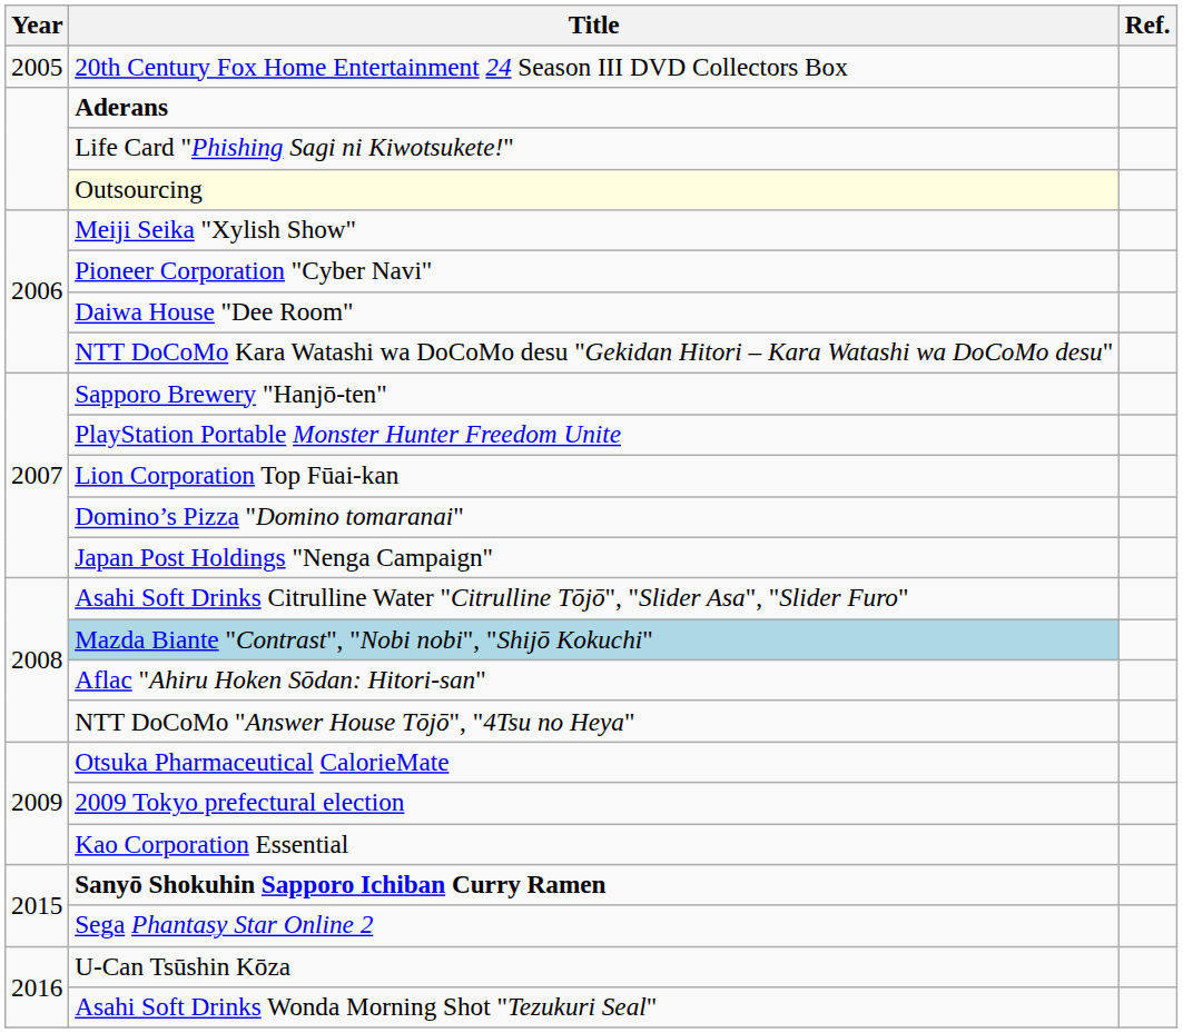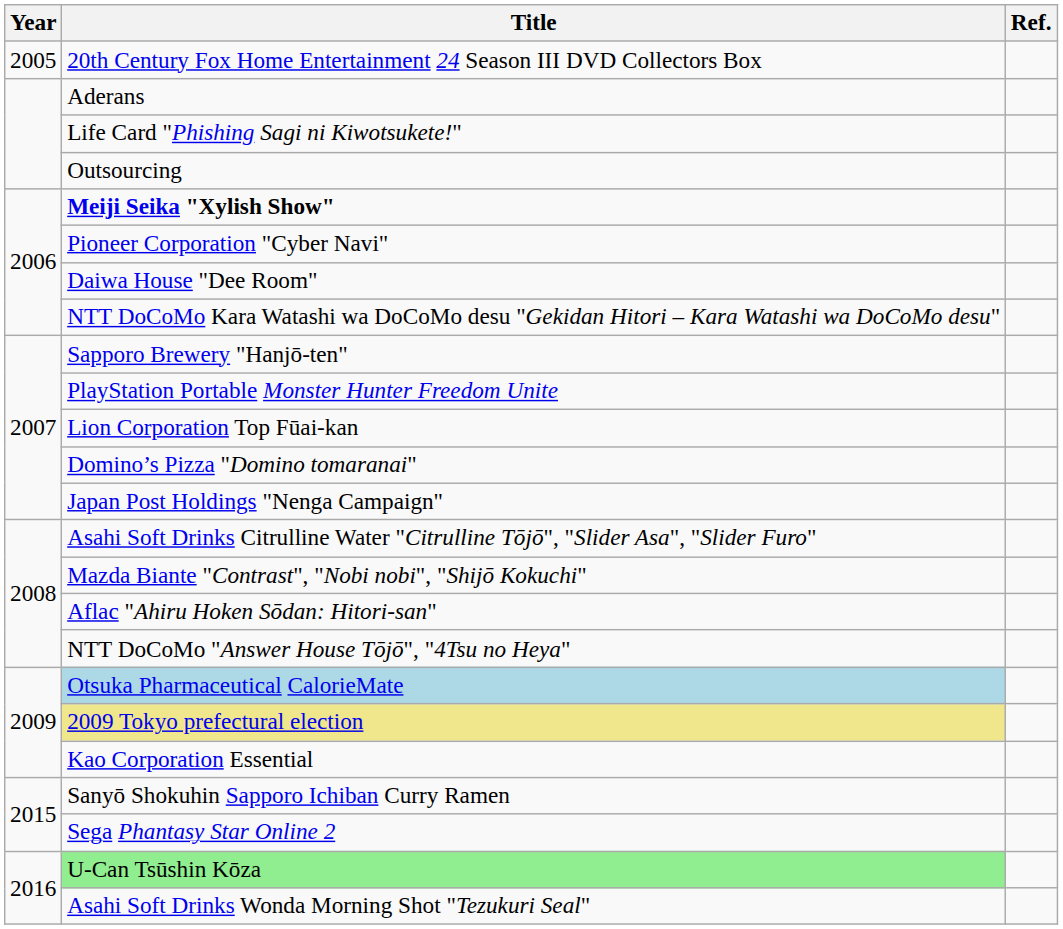 <table class="wikitable">
 <tr>
 <th>Year</th>
 <th>Title</th>
 <th>Ref.</th>
 </tr>
 <tr>
 <td>2005</td>
 <td><a href='#'>20th Century Fox Home Entertainment</a> <em><a href='#'>24</a></em> Season III DVD Collectors Box</td>
 <td></td>
 </tr>
 <tr>
 <td rowspan="3"></td>
-<td><strong>Aderans</strong></td>
+<td>Aderans</td>
 <td></td>
 </tr>
 <tr>
 <td>Life Card "<em><a href='#'>Phishing</a> Sagi ni Kiwotsukete!</em>"</td>
 <td></td>
 </tr>
 <tr>
-<td style="background: lightyellow;">Outsourcing</td>
+<td>Outsourcing</td>
 <td></td>
 </tr>
 <tr>
 <td rowspan="4">2006</td>
-<td><a href='#'>Meiji Seika</a> "Xylish Show"</td>
+<td><strong><a href='#'>Meiji Seika</a> "Xylish Show"</strong></td>
 <td></td>
 </tr>
 <tr>
 <td><a href='#'>Pioneer Corporation</a> "Cyber Navi"</td>
 <td></td>
 </tr>
 <tr>
 <td><a href='#'>Daiwa House</a> "Dee Room"</td>
 <td></td>
 </tr>
 <tr>
 <td><a href='#'>NTT DoCoMo</a> Kara Watashi wa DoCoMo desu "<em>Gekidan Hitori – Kara Watashi wa DoCoMo desu</em>"</td>
 <td></td>
 </tr>
 <tr>
 <td rowspan="5">2007</td>
 <td><a href='#'>Sapporo Brewery</a> "Hanjō-ten"</td>
 <td></td>
 </tr>
 <tr>
 <td><a href='#'>PlayStation Portable</a> <em><a href='#'>Monster Hunter Freedom Unite</a></em></td>
 <td></td>
 </tr>
 <tr>
 <td><a href='#'>Lion Corporation</a> Top Fūai-kan</td>
 <td></td>
 </tr>
 <tr>
 <td><a href='#'>Domino’s Pizza</a> "<em>Domino tomaranai</em>"</td>
 <td></td>
 </tr>
 <tr>
 <td><a href='#'>Japan Post Holdings</a> "Nenga Campaign"</td>
 <td></td>
 </tr>
 <tr>
 <td rowspan="4">2008</td>
 <td><a href='#'>Asahi Soft Drinks</a> Citrulline Water "<em>Citrulline Tōjō</em>", "<em>Slider Asa</em>", "<em>Slider Furo</em>"</td>
 <td></td>
 </tr>
 <tr>
-<td style="background: lightblue;"><a href='#'>Mazda Biante</a> "<em>Contrast</em>", "<em>Nobi nobi</em>", "<em>Shijō Kokuchi</em>"</td>
+<td><a href='#'>Mazda Biante</a> "<em>Contrast</em>", "<em>Nobi nobi</em>", "<em>Shijō Kokuchi</em>"</td>
 <td></td>
 </tr>
 <tr>
 <td><a href='#'>Aflac</a> "<em>Ahiru Hoken Sōdan: Hitori-san</em>"</td>
 <td></td>
 </tr>
 <tr>
 <td>NTT DoCoMo "<em>Answer House Tōjō</em>", "<em>4Tsu no Heya</em>"</td>
 <td></td>
 </tr>
 <tr>
 <td rowspan="3">2009</td>
-<td><a href='#'>Otsuka Pharmaceutical</a> <a href='#'>CalorieMate</a></td>
+<td style="background: lightblue;"><a href='#'>Otsuka Pharmaceutical</a> <a href='#'>CalorieMate</a></td>
 <td></td>
 </tr>
 <tr>
-<td><a href='#'>2009 Tokyo prefectural election</a></td>
+<td style="background: khaki;"><a href='#'>2009 Tokyo prefectural election</a></td>
 <td></td>
 </tr>
 <tr>
 <td><a href='#'>Kao Corporation</a> Essential</td>
 <td></td>
 </tr>
 <tr>
 <td rowspan="2">2015</td>
-<td><strong>Sanyō Shokuhin <a href='#'>Sapporo Ichiban</a> Curry Ramen</strong></td>
+<td>Sanyō Shokuhin <a href='#'>Sapporo Ichiban</a> Curry Ramen</td>
 <td></td>
 </tr>
 <tr>
 <td><a href='#'>Sega</a> <em><a href='#'>Phantasy Star Online 2</a></em></td>
 <td></td>
 </tr>
 <tr>
 <td rowspan="2">2016</td>
-<td>U-Can Tsūshin Kōza</td>
+<td style="background: lightgreen;">U-Can Tsūshin Kōza</td>
 <td></td>
 </tr>
 <tr>
 <td><a href='#'>Asahi Soft Drinks</a> Wonda Morning Shot "<em>Tezukuri Seal</em>"</td>
 <td></td>
 </tr>
 </table>
